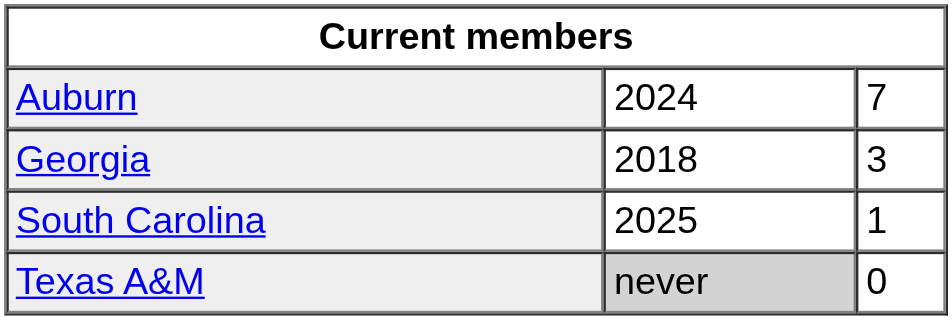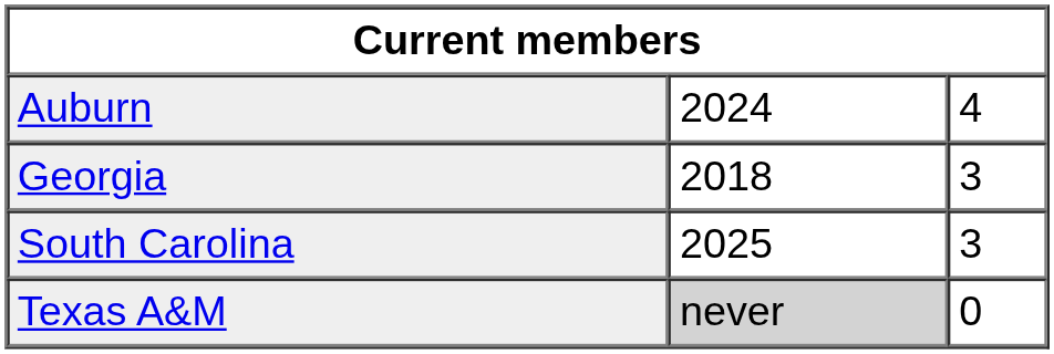 <table border="1" cellpadding="3" cellspacing="0" align="right" width="400px">
 <tr>
 </tr>
 <tr>
 <td colspan=3 align="center"><strong>Current members</strong></td>
 </tr>
 <tr>
 <td bgcolor=#efefef><a href='#'>Auburn</a></td>
 <td>2024</td>
-<td>7</td>
+<td>4</td>
 </tr>
 <tr>
 <td bgcolor=#efefef><a href='#'>Georgia</a></td>
 <td>2018</td>
 <td>3</td>
 </tr>
 <tr>
 <td bgcolor=#efefef><a href='#'>South Carolina</a></td>
 <td>2025</td>
-<td>1</td>
+<td>3</td>
 </tr>
 <tr>
 <td bgcolor=#efefef><a href='#'>Texas A&M</a></td>
 <td style="background: lightgrey;">never</td>
 <td>0</td>
 </tr>
 </table>
